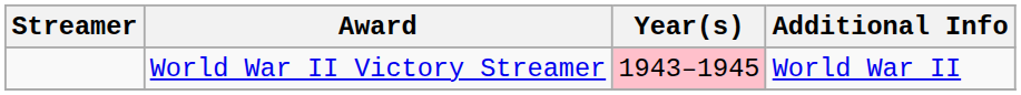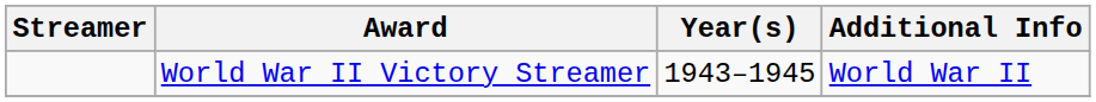 <table class=wikitable>
 <tr>
 <th>Streamer</th>
 <th>Award</th>
 <th>Year(s)</th>
 <th>Additional Info</th>
 </tr>
 <tr>
 <td></td>
 <td><a href='#'>World War II Victory Streamer</a></td>
-<td style="background: pink;">1943–1945</td>
+<td>1943–1945</td>
 <td><a href='#'>World War II</a></td>
 </tr>
 <tr>
 </tr>
 </table>
